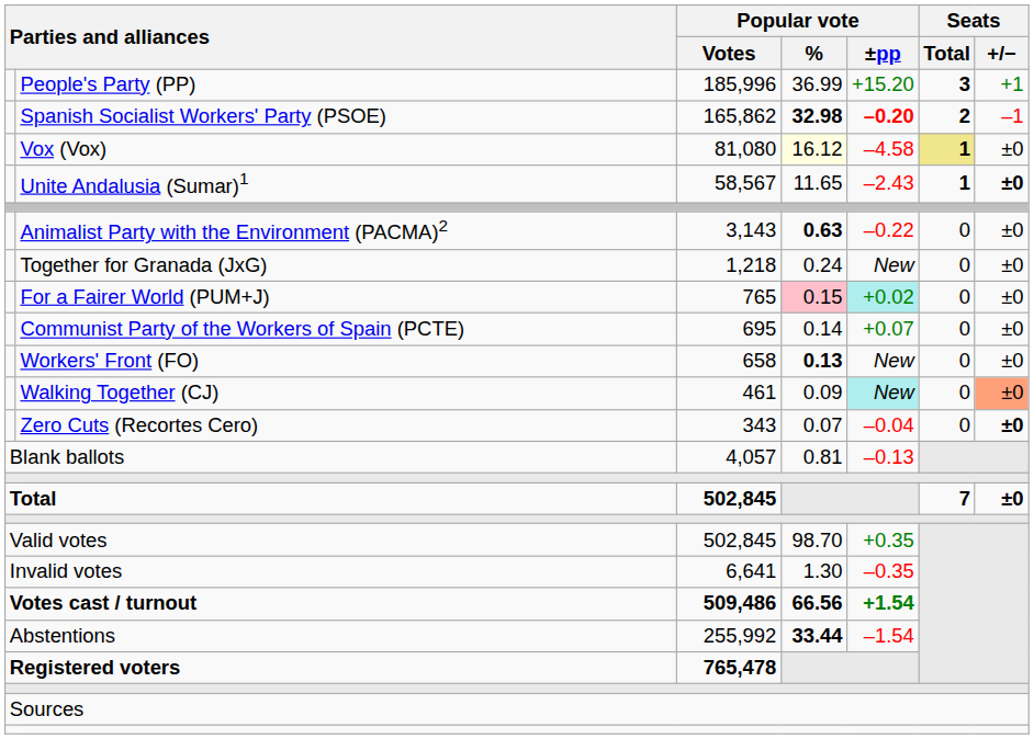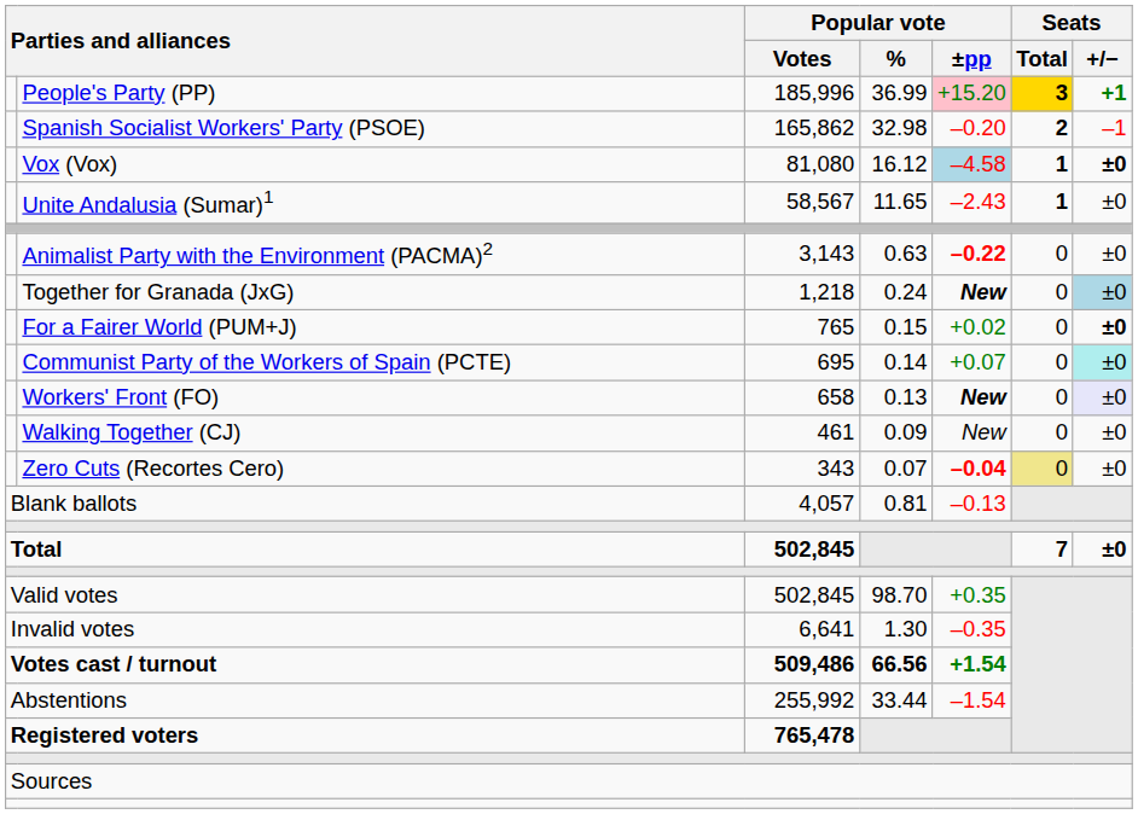 <table class="wikitable" style="text-align:right;">
 <tr>
 <th style="text-align:left;" rowspan="2" colspan="2" width="525">Parties and alliances</th>
 <th colspan="3">Popular vote</th>
 <th colspan="2">Seats</th>
 </tr>
 <tr>
 <th width="75">Votes</th>
 <th width="45">%</th>
 <th width="45">±<a href='#'>pp</a></th>
 <th width="35">Total</th>
 <th width="35">+/−</th>
 </tr>
 <tr>
 <td width="1" style="color:inherit;background:"></td>
 <td align="left"><a href='#'>People's Party</a> (PP)</td>
 <td>185,996</td>
 <td>36.99</td>
-<td style="color:green;">+15.20</td>
-<td><strong>3</strong></td>
-<td style="color:green;">+1</td>
+<td style="background: pink; color:green;">+15.20</td>
+<td style="background: gold;"><strong>3</strong></td>
+<td style="color:green;"><strong>+1</strong></td>
 </tr>
 <tr>
 <td style="color:inherit;background:"></td>
 <td align="left"><a href='#'>Spanish Socialist Workers' Party</a> (PSOE)</td>
 <td>165,862</td>
-<td><strong>32.98</strong></td>
-<td style="color:red;"><strong>–0.20</strong></td>
+<td>32.98</td>
+<td style="color:red;">–0.20</td>
 <td><strong>2</strong></td>
 <td style="color:red;">–1</td>
 </tr>
 <tr>
 <td style="color:inherit;background:"></td>
 <td align="left"><a href='#'>Vox</a> (Vox)</td>
 <td>81,080</td>
-<td style="background: lightyellow;">16.12</td>
-<td style="color:red;">–4.58</td>
-<td style="background: khaki;"><strong>1</strong></td>
-<td>±0</td>
+<td>16.12</td>
+<td style="background: lightblue; color:red;">–4.58</td>
+<td><strong>1</strong></td>
+<td><strong>±0</strong></td>
 </tr>
 <tr>
 <td style="color:inherit;background:"></td>
 <td align="left"><a href='#'>Unite Andalusia</a> (Sumar)<sup>1</sup></td>
 <td>58,567</td>
 <td>11.65</td>
 <td style="color:red;">–2.43</td>
 <td><strong>1</strong></td>
-<td><strong>±0</strong></td>
+<td>±0</td>
 </tr>
 <tr>
 <td colspan="7" bgcolor="#C0C0C0"></td>
 </tr>
 <tr>
 <td style="color:inherit;background:"></td>
 <td align="left"><a href='#'>Animalist Party with the Environment</a> (PACMA)<sup>2</sup></td>
 <td>3,143</td>
-<td><strong>0.63</strong></td>
-<td style="color:red;">–0.22</td>
+<td>0.63</td>
+<td style="color:red;"><strong>–0.22</strong></td>
 <td>0</td>
 <td>±0</td>
 </tr>
 <tr>
 <td style="color:inherit;background:"></td>
 <td align="left">Together for Granada (JxG)</td>
 <td>1,218</td>
 <td>0.24</td>
-<td><em>New</em></td>
+<td><strong><em>New</em></strong></td>
 <td>0</td>
-<td>±0</td>
+<td style="background: lightblue;">±0</td>
 </tr>
 <tr>
 <td style="color:inherit;background:"></td>
 <td align="left"><a href='#'>For a Fairer World</a> (PUM+J)</td>
 <td>765</td>
-<td style="background: pink;">0.15</td>
-<td style="background: paleturquoise; color:green;">+0.02</td>
+<td>0.15</td>
+<td style="color:green;">+0.02</td>
 <td>0</td>
-<td>±0</td>
+<td><strong>±0</strong></td>
 </tr>
 <tr>
 <td style="color:inherit;background:"></td>
 <td align="left"><a href='#'>Communist Party of the Workers of Spain</a> (PCTE)</td>
 <td>695</td>
 <td>0.14</td>
 <td style="color:green;">+0.07</td>
 <td>0</td>
-<td>±0</td>
+<td style="background: paleturquoise;">±0</td>
 </tr>
 <tr>
 <td style="color:inherit;background:"></td>
 <td align="left"><a href='#'>Workers' Front</a> (FO)</td>
 <td>658</td>
-<td><strong>0.13</strong></td>
+<td>0.13</td>
+<td><strong><em>New</em></strong></td>
+<td>0</td>
+<td style="background: lavender;">±0</td>
+</tr>
+<tr>
+<td style="color:inherit;background:"></td>
+<td align="left"><a href='#'>Walking Together</a> (CJ)</td>
+<td>461</td>
+<td>0.09</td>
 <td><em>New</em></td>
 <td>0</td>
 <td>±0</td>
 </tr>
 <tr>
 <td style="color:inherit;background:"></td>
-<td align="left"><a href='#'>Walking Together</a> (CJ)</td>
-<td>461</td>
-<td>0.09</td>
-<td style="background: paleturquoise;"><em>New</em></td>
-<td>0</td>
-<td style="background: lightsalmon;">±0</td>
-</tr>
-<tr>
-<td style="color:inherit;background:"></td>
 <td align="left"><a href='#'>Zero Cuts</a> (Recortes Cero)</td>
 <td>343</td>
 <td>0.07</td>
-<td style="color:red;">–0.04</td>
-<td>0</td>
-<td><strong>±0</strong></td>
+<td style="color:red;"><strong>–0.04</strong></td>
+<td style="background: khaki;">0</td>
+<td>±0</td>
 </tr>
 <tr>
 <td align="left" colspan="2">Blank ballots</td>
 <td>4,057</td>
 <td>0.81</td>
 <td style="color:red;">–0.13</td>
 <td bgcolor="#E9E9E9" colspan="2"></td>
 </tr>
 <tr>
 <td colspan="7" bgcolor="#E9E9E9"></td>
 </tr>
 <tr style="font-weight:bold;">
 <td align="left" colspan="2">Total</td>
 <td>502,845</td>
 <td bgcolor="#E9E9E9" colspan="2"></td>
 <td>7</td>
 <td>±0</td>
 </tr>
 <tr>
 <td colspan="7" bgcolor="#E9E9E9"></td>
 </tr>
 <tr>
 <td align="left" colspan="2">Valid votes</td>
 <td>502,845</td>
 <td>98.70</td>
 <td style="color:green;">+0.35</td>
 <td bgcolor="#E9E9E9" colspan="2" rowspan="5"></td>
 </tr>
 <tr>
 <td align="left" colspan="2">Invalid votes</td>
 <td>6,641</td>
 <td>1.30</td>
 <td style="color:red;">–0.35</td>
 </tr>
 <tr style="font-weight:bold;">
 <td align="left" colspan="2">Votes cast / turnout</td>
 <td>509,486</td>
 <td>66.56</td>
 <td style="color:green;">+1.54</td>
 </tr>
 <tr>
 <td align="left" colspan="2">Abstentions</td>
 <td>255,992</td>
-<td><strong>33.44</strong></td>
+<td>33.44</td>
 <td style="color:red;">–1.54</td>
 </tr>
 <tr style="font-weight:bold;">
 <td align="left" colspan="2">Registered voters</td>
 <td>765,478</td>
 <td bgcolor="#E9E9E9" colspan="2"></td>
 </tr>
 <tr>
 <td colspan="7" bgcolor="#E9E9E9"></td>
 </tr>
 <tr>
 <td align="left" colspan="7">Sources</td>
 </tr>
 <tr>
 <td colspan="7" style="text-align:left; max-width:790px;"></td>
 </tr>
 </table>
